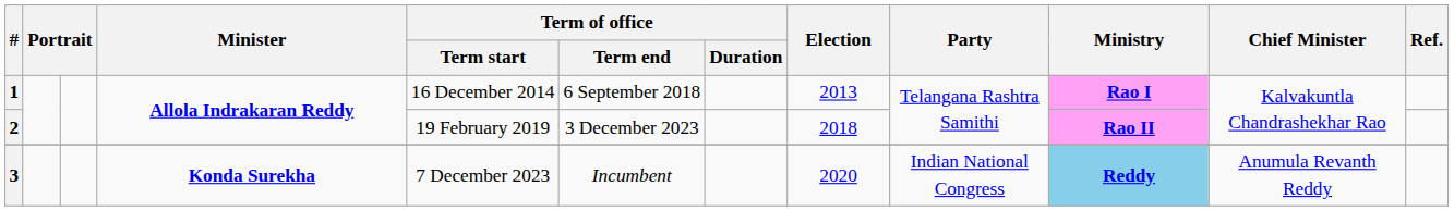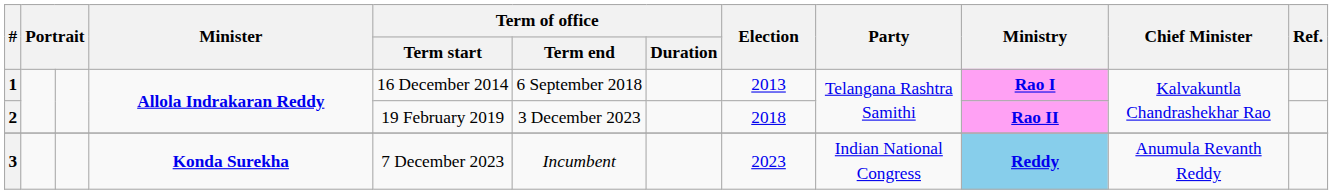 <table class="wikitable" style="line-height:1.4em; text-align:center">
 <tr>
 <th rowspan=2>#</th>
 <th rowspan=2 colspan="2">Portrait</th>
 <th rowspan=2 style="width:16em">Minister<br></th>
 <th colspan="3">Term of office</th>
 <th rowspan=2 style="width:5em">Election<br></th>
 <th rowspan=2 style="width:8em">Party</th>
 <th rowspan=2 style="width:8em">Ministry</th>
 <th rowspan=2 style="width:10em">Chief Minister</th>
 <th rowspan=2>Ref.</th>
 </tr>
 <tr>
 <th>Term start</th>
 <th>Term end</th>
 <th>Duration</th>
 </tr>
 <tr>
 <th>1</th>
 <td rowspan=2></td>
 <td rowspan="2"></td>
 <td rowspan="2"><strong><a href='#'>Allola Indrakaran Reddy</a></strong><br></td>
 <td>16 December 2014</td>
 <td>6 September 2018</td>
 <td><strong></strong></td>
 <td><a href='#'>2013</a><br></td>
 <td rowspan="2"><a href='#'>Telangana Rashtra Samithi</a></td>
 <td bgcolor="#FFA1F4"><strong><a href='#'>Rao I</a></strong></td>
 <td rowspan="2"><a href='#'>Kalvakuntla Chandrashekhar Rao</a></td>
 <td></td>
 </tr>
 <tr style="text-align: center;">
 <th>2</th>
 <td>19 February 2019</td>
 <td>3 December 2023</td>
 <td><strong></strong></td>
 <td><a href='#'>2018</a><br></td>
 <td bgcolor="#FFA1F4"><strong><a href='#'>Rao II</a></strong></td>
 <td></td>
 </tr>
 <tr>
 </tr>
 <tr>
 <th>3</th>
 <td></td>
 <td></td>
 <td><strong><a href='#'>Konda Surekha</a></strong><br></td>
 <td>7 December 2023</td>
 <td><em>Incumbent</em></td>
 <td><strong></strong></td>
-<td><a href='#'>2020</a><br></td>
+<td><a href='#'>2023</a><br></td>
 <td><a href='#'>Indian National Congress</a></td>
 <td bgcolor="#87CEEB"><strong><a href='#'>Reddy</a></strong></td>
 <td><a href='#'>Anumula Revanth Reddy</a></td>
 <td></td>
 </tr>
 </table>
